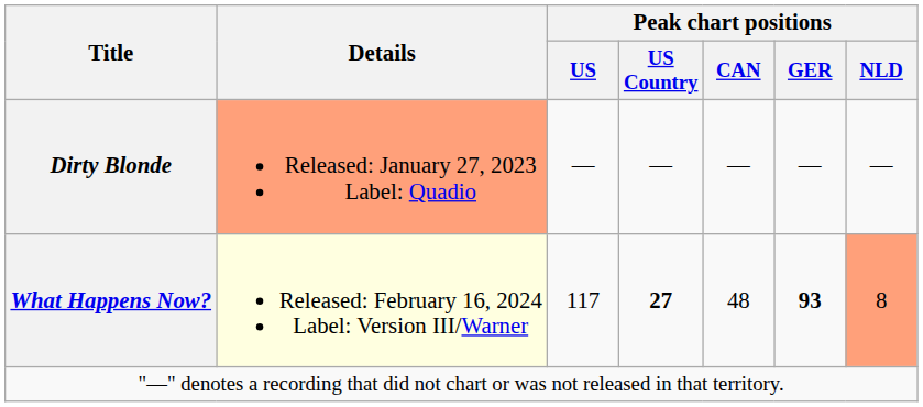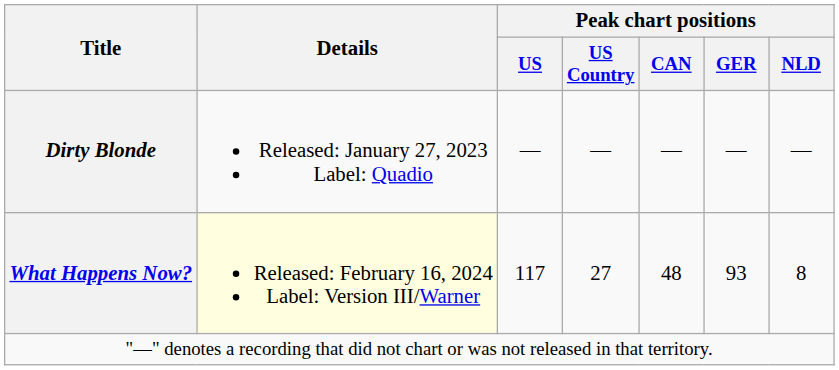 <table class="wikitable plainrowheaders" style="text-align:center;">
 <tr>
 <th scope="col" rowspan="2">Title</th>
 <th scope="col" rowspan="2">Details</th>
 <th scope="col" colspan="5">Peak chart positions</th>
 </tr>
 <tr>
 <th scope="col" style="width:3em;font-size:90%;"><a href='#'>US</a><br></th>
 <th scope="col" style="width:3em;font-size:90%;"><a href='#'>US<br>Country</a><br></th>
 <th scope="col" style="width:3em;font-size:90%;"><a href='#'>CAN</a><br></th>
 <th scope="col" style="width:3em;font-size:90%;"><a href='#'>GER</a><br></th>
 <th scope="col" style="width:3em;font-size:90%;"><a href='#'>NLD</a><br></th>
 </tr>
 <tr>
 <th scope="row"><em>Dirty Blonde</em></th>
-<td style="background: lightsalmon;"><br><ul><li>Released: January 27, 2023</li><li>Label: <a href='#'>Quadio</a></li></ul></td>
+<td><br><ul><li>Released: January 27, 2023</li><li>Label: <a href='#'>Quadio</a></li></ul></td>
 <td>—</td>
 <td>—</td>
 <td>—</td>
 <td>—</td>
 <td>—</td>
 </tr>
 <tr>
 <th scope="row"><em><a href='#'>What Happens Now?</a></em></th>
 <td style="background: lightyellow;"><br><ul><li>Released: February 16, 2024</li><li>Label: Version III/<a href='#'>Warner</a></li></ul></td>
 <td>117</td>
-<td><strong>27</strong></td>
+<td>27</td>
 <td>48</td>
-<td><strong>93</strong></td>
-<td style="background: lightsalmon;">8</td>
+<td>93</td>
+<td>8</td>
 </tr>
 <tr>
 <td colspan="8" style="font-size:90%">"—" denotes a recording that did not chart or was not released in that territory.</td>
 </tr>
 </table>
